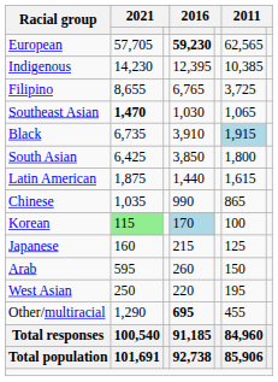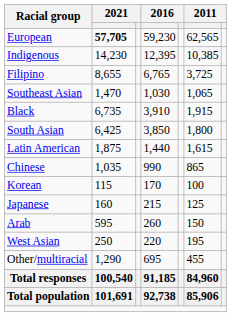 <table class="wikitable collapsible sortable">
 <tr>
 <th rowspan="2">Racial group</th>
 <th colspan="2">2021</th>
 <th colspan="2">2016</th>
 <th colspan="2">2011</th>
 </tr>
 <tr>
 <th><a href='#'></a></th>
 <th></th>
 <th></th>
 <th></th>
 <th></th>
 <th></th>
 </tr>
 <tr>
 <td><a href='#'>European</a></td>
-<td>57,705</td>
+<td><strong>57,705</strong></td>
 <td></td>
-<td><strong>59,230</strong></td>
+<td>59,230</td>
 <td></td>
 <td>62,565</td>
 <td></td>
 </tr>
 <tr>
 <td><a href='#'>Indigenous</a></td>
 <td>14,230</td>
 <td></td>
 <td>12,395</td>
 <td></td>
 <td>10,385</td>
 <td></td>
 </tr>
 <tr>
 <td><a href='#'>Filipino</a></td>
 <td>8,655</td>
 <td></td>
 <td>6,765</td>
 <td></td>
 <td>3,725</td>
 <td></td>
 </tr>
 <tr>
 <td><a href='#'>Southeast Asian</a></td>
-<td><strong>1,470</strong></td>
+<td>1,470</td>
 <td></td>
 <td>1,030</td>
 <td></td>
 <td>1,065</td>
 <td></td>
 </tr>
 <tr>
 <td><a href='#'>Black</a></td>
 <td>6,735</td>
 <td></td>
 <td>3,910</td>
 <td></td>
-<td style="background: lightblue;">1,915</td>
+<td>1,915</td>
 <td></td>
 </tr>
 <tr>
 <td><a href='#'>South Asian</a></td>
 <td>6,425</td>
 <td></td>
 <td>3,850</td>
 <td></td>
 <td>1,800</td>
 <td></td>
 </tr>
 <tr>
 <td><a href='#'>Latin American</a></td>
 <td>1,875</td>
 <td></td>
 <td>1,440</td>
 <td></td>
 <td>1,615</td>
 <td></td>
 </tr>
 <tr>
 <td><a href='#'>Chinese</a></td>
 <td>1,035</td>
 <td></td>
 <td>990</td>
 <td></td>
 <td>865</td>
 <td></td>
 </tr>
 <tr>
 <td><a href='#'>Korean</a></td>
-<td style="background: lightgreen;">115</td>
+<td>115</td>
 <td></td>
-<td style="background: lightblue;">170</td>
+<td>170</td>
 <td></td>
 <td>100</td>
 <td></td>
 </tr>
 <tr>
 <td><a href='#'>Japanese</a></td>
 <td>160</td>
 <td></td>
 <td>215</td>
 <td></td>
 <td>125</td>
 <td></td>
 </tr>
 <tr>
 <td><a href='#'>Arab</a></td>
 <td>595</td>
 <td></td>
 <td>260</td>
 <td></td>
 <td>150</td>
 <td></td>
 </tr>
 <tr>
 <td><a href='#'>West Asian</a></td>
 <td>250</td>
 <td></td>
 <td>220</td>
 <td></td>
 <td>195</td>
 <td></td>
 </tr>
 <tr>
 <td>Other/<a href='#'>multiracial</a></td>
 <td>1,290</td>
 <td></td>
-<td><strong>695</strong></td>
+<td>695</td>
 <td></td>
 <td>455</td>
 <td></td>
 </tr>
 <tr>
 <th>Total responses</th>
 <th>100,540</th>
 <th></th>
 <th>91,185</th>
 <th></th>
 <th>84,960</th>
 <th></th>
 </tr>
 <tr class="sortbottom">
 <th>Total population</th>
 <th>101,691</th>
 <th></th>
 <th>92,738</th>
 <th></th>
 <th>85,906</th>
 <th></th>
 </tr>
 <tr class="sortbottom">
 <td colspan="15"></td>
 </tr>
 </table>
